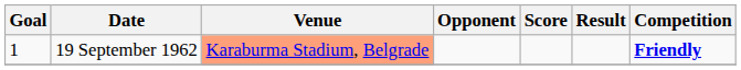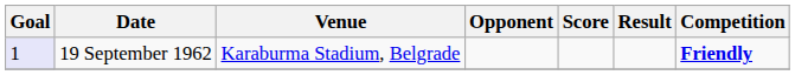 <table class="wikitable" style="font-size: 95%;">
 <tr>
 <th>Goal</th>
 <th>Date</th>
 <th>Venue</th>
 <th>Opponent</th>
 <th>Score</th>
 <th>Result</th>
 <th>Competition</th>
 </tr>
 <tr>
-<td>1</td>
+<td style="background: lavender;">1</td>
 <td>19 September 1962</td>
-<td style="background: lightsalmon;"><a href='#'>Karaburma Stadium</a>, <a href='#'>Belgrade</a></td>
+<td><a href='#'>Karaburma Stadium</a>, <a href='#'>Belgrade</a></td>
 <td></td>
 <td></td>
 <td></td>
 <td><strong><a href='#'>Friendly</a></strong></td>
 </tr>
 <tr>
 </tr>
 </table>
